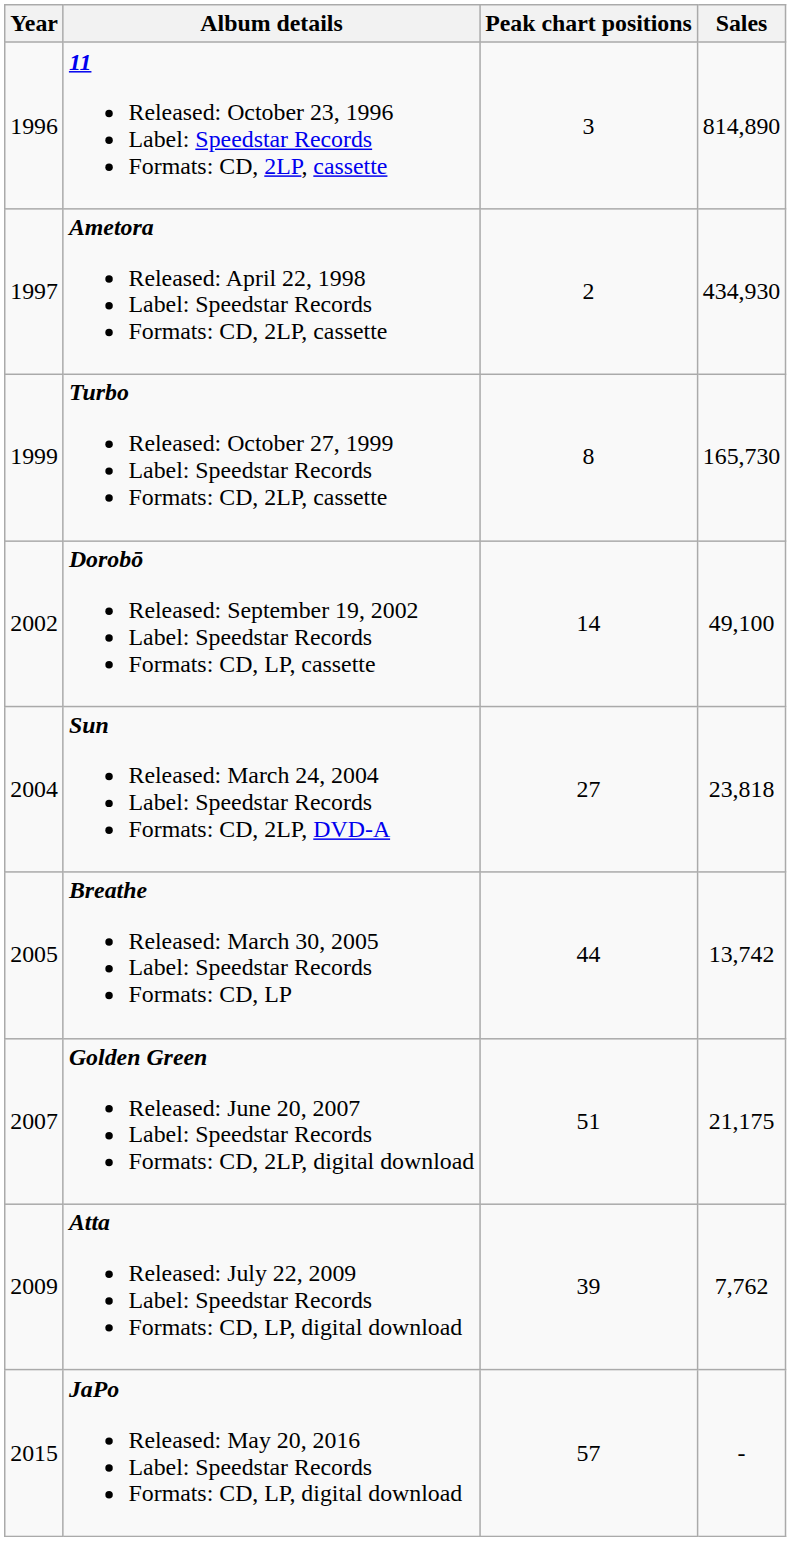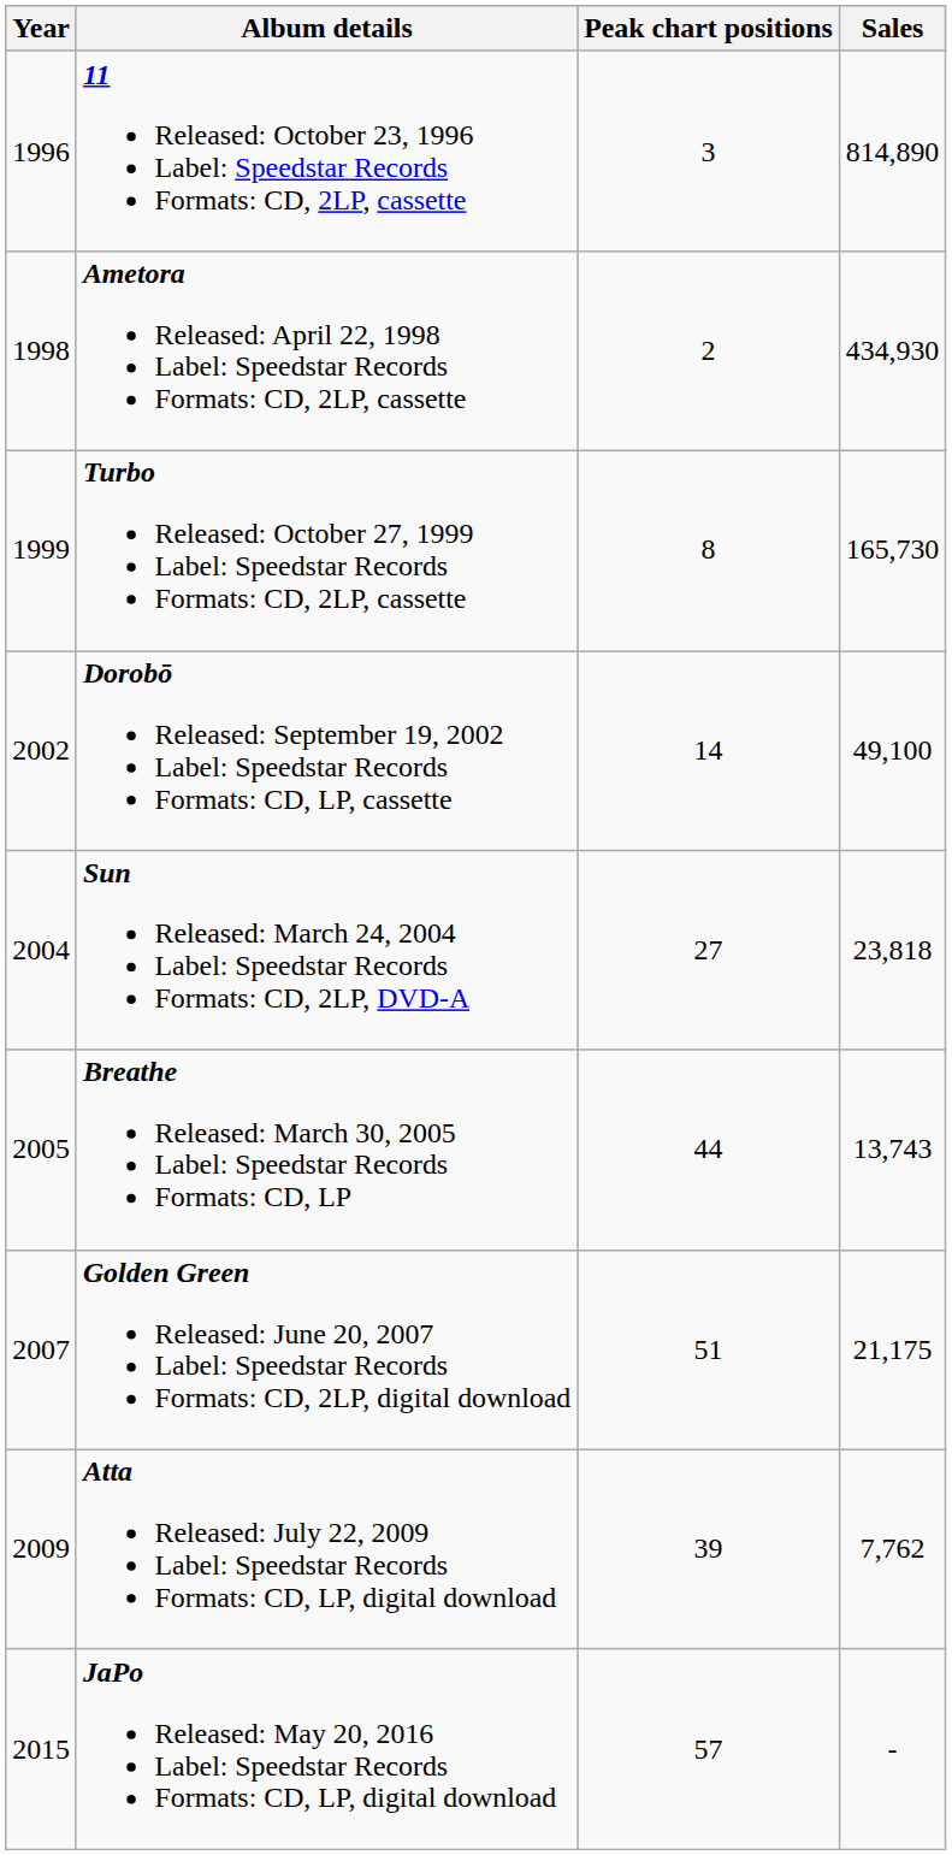 <table class="wikitable">
 <tr>
 <th>Year</th>
 <th>Album details</th>
 <th>Peak chart positions</th>
 <th>Sales</th>
 </tr>
 <tr>
 <td align="center">1996</td>
 <td><strong><em><a href='#'>11</a></em></strong><br><ul><li>Released: October 23, 1996</li><li>Label: <a href='#'>Speedstar Records</a></li><li>Formats: CD, <a href='#'>2LP</a>, <a href='#'>cassette</a></li></ul></td>
 <td align="center">3</td>
 <td align="center">814,890</td>
 </tr>
 <tr>
-<td align="center">1997</td>
+<td align="center">1998</td>
 <td><strong><em>Ametora</em></strong><br><ul><li>Released: April 22, 1998</li><li>Label: Speedstar Records</li><li>Formats: CD, 2LP, cassette</li></ul></td>
 <td align="center">2</td>
 <td align="center">434,930</td>
 </tr>
 <tr>
 <td align="center">1999</td>
 <td><strong><em>Turbo</em></strong><br><ul><li>Released: October 27, 1999</li><li>Label: Speedstar Records</li><li>Formats: CD, 2LP, cassette</li></ul></td>
 <td align="center">8</td>
 <td align="center">165,730</td>
 </tr>
 <tr>
 <td align="center">2002</td>
 <td><strong><em>Dorobō</em></strong><br><ul><li>Released: September 19, 2002</li><li>Label: Speedstar Records</li><li>Formats: CD, LP, cassette</li></ul></td>
 <td align="center">14</td>
 <td align="center">49,100</td>
 </tr>
 <tr>
 <td align="center">2004</td>
 <td><strong><em>Sun</em></strong><br><ul><li>Released: March 24, 2004</li><li>Label: Speedstar Records</li><li>Formats: CD, 2LP, <a href='#'>DVD-A</a></li></ul></td>
 <td align="center">27</td>
 <td align="center">23,818</td>
 </tr>
 <tr>
 <td align="center">2005</td>
 <td><strong><em>Breathe</em></strong><br><ul><li>Released: March 30, 2005</li><li>Label: Speedstar Records</li><li>Formats: CD, LP</li></ul></td>
 <td align="center">44</td>
-<td align="center">13,742</td>
+<td align="center">13,743</td>
 </tr>
 <tr>
 <td align="center">2007</td>
 <td><strong><em>Golden Green</em></strong><br><ul><li>Released: June 20, 2007</li><li>Label: Speedstar Records</li><li>Formats: CD, 2LP, digital download</li></ul></td>
 <td align="center">51</td>
 <td align="center">21,175</td>
 </tr>
 <tr>
 <td align="center">2009</td>
 <td><strong><em>Atta</em></strong><br><ul><li>Released: July 22, 2009</li><li>Label: Speedstar Records</li><li>Formats: CD, LP, digital download</li></ul></td>
 <td align="center">39</td>
 <td align="center">7,762</td>
 </tr>
 <tr>
 <td align="center">2015</td>
 <td><strong><em>JaPo</em></strong><br><ul><li>Released: May 20, 2016</li><li>Label: Speedstar Records</li><li>Formats: CD, LP, digital download</li></ul></td>
 <td align="center">57</td>
 <td align="center">-</td>
 </tr>
 </table>
